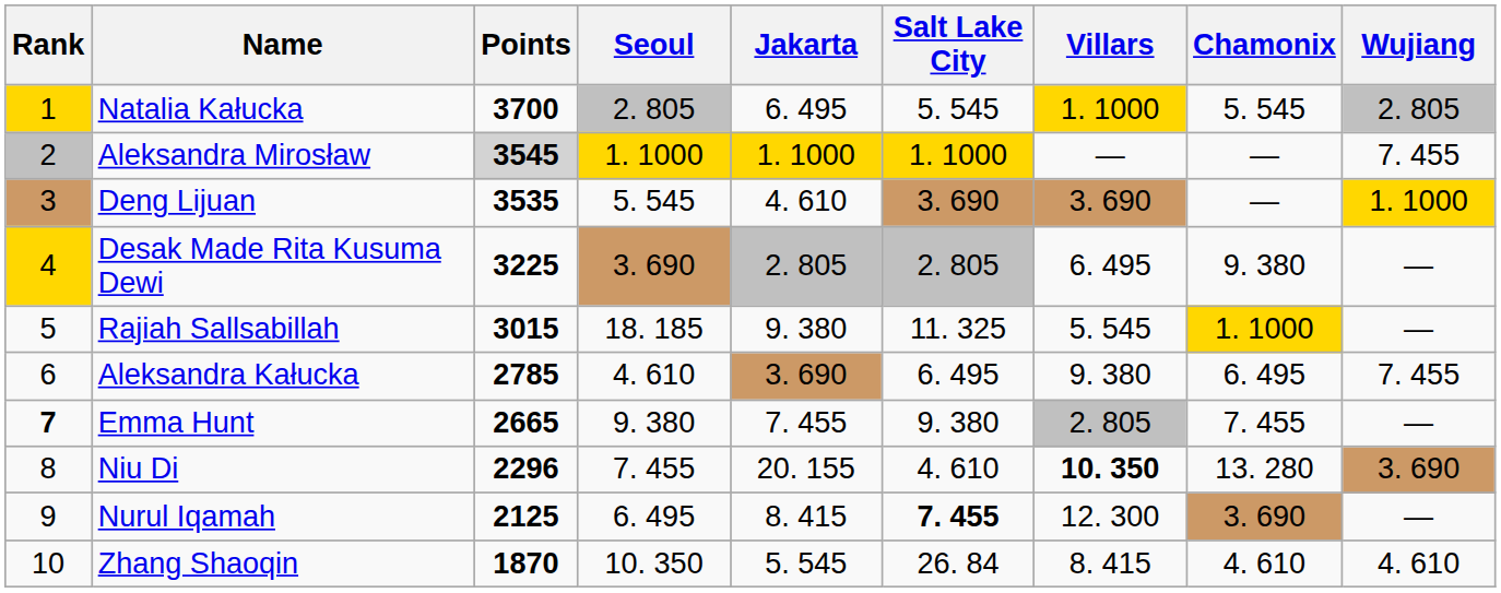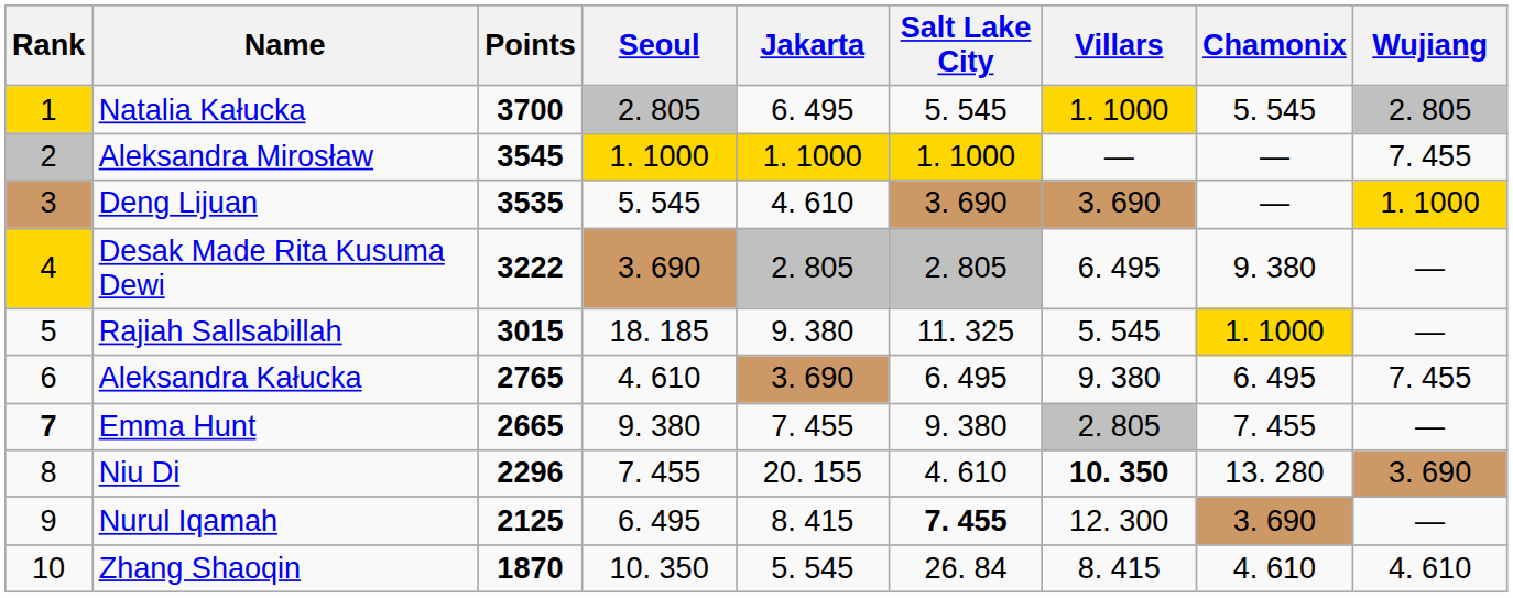 <table class="wikitable sortable">
 <tr>
 <th>Rank</th>
 <th width = "200">Name</th>
 <th>Points</th>
 <th width = "75" data-sort-type="number"><a href='#'>Seoul</a></th>
 <th width = "75" data-sort-type="number"><a href='#'>Jakarta</a></th>
 <th width = "75" data-sort-type="number"><a href='#'>Salt Lake City</a></th>
 <th width = "75" data-sort-type="number"><a href='#'>Villars</a></th>
 <th width = "75" data-sort-type="number"><a href='#'>Chamonix</a></th>
 <th width = "75" data-sort-type="number"><a href='#'>Wujiang</a></th>
 </tr>
 <tr>
 <td align="center" style="background: gold">1</td>
 <td> <a href='#'>Natalia Kałucka</a></td>
 <td align="center"><strong>3700</strong></td>
 <td align="center" style="background: silver">2. 805</td>
 <td align="center">6. 495</td>
 <td align="center">5. 545</td>
 <td align="center" style="background: gold">1. 1000</td>
 <td align="center">5. 545</td>
 <td align="center" style="background: silver">2. 805</td>
 </tr>
 <tr>
 <td align="center" style="background: silver">2</td>
 <td> <a href='#'>Aleksandra Mirosław</a></td>
-<td align="center" style="background: lightgrey;"><strong>3545</strong></td>
+<td align="center"><strong>3545</strong></td>
 <td align="center" style="background: gold">1. 1000</td>
 <td align="center" style="background: gold">1. 1000</td>
 <td align="center" style="background: gold">1. 1000</td>
 <td align="center">—</td>
 <td align="center">—</td>
 <td align="center">7. 455</td>
 </tr>
 <tr>
 <td align="center" style="background: #cc9966">3</td>
 <td> <a href='#'>Deng Lijuan</a></td>
 <td align="center"><strong>3535</strong></td>
 <td align="center">5. 545</td>
 <td align="center">4. 610</td>
 <td align="center" style="background: #cc9966">3. 690</td>
 <td align="center" style="background: #cc9966">3. 690</td>
 <td align="center">—</td>
 <td align="center" style="background: gold">1. 1000</td>
 </tr>
 <tr>
 <td align="center" style="background: gold;">4</td>
 <td> <a href='#'>Desak Made Rita Kusuma Dewi</a></td>
-<td align="center"><strong>3225</strong></td>
+<td align="center"><strong>3222</strong></td>
 <td align="center" style="background: #cc9966">3. 690</td>
 <td align="center" style="background: silver">2. 805</td>
 <td align="center" style="background: silver">2. 805</td>
 <td align="center">6. 495</td>
 <td align="center">9. 380</td>
 <td align="center">—</td>
 </tr>
 <tr>
 <td align="center">5</td>
 <td> <a href='#'>Rajiah Sallsabillah</a></td>
 <td align="center"><strong>3015</strong></td>
 <td align="center">18. 185</td>
 <td align="center">9. 380</td>
 <td align="center">11. 325</td>
 <td align="center">5. 545</td>
 <td align="center" style="background: gold">1. 1000</td>
 <td align="center">—</td>
 </tr>
 <tr>
 <td align="center">6</td>
 <td> <a href='#'>Aleksandra Kałucka</a></td>
-<td align="center"><strong>2785</strong></td>
+<td align="center"><strong>2765</strong></td>
 <td align="center">4. 610</td>
 <td align="center" style="background: #cc9966">3. 690</td>
 <td align="center">6. 495</td>
 <td align="center">9. 380</td>
 <td align="center">6. 495</td>
 <td align="center">7. 455</td>
 </tr>
 <tr>
 <td align="center"><strong>7</strong></td>
 <td> <a href='#'>Emma Hunt</a></td>
 <td align="center"><strong>2665</strong></td>
 <td align="center">9. 380</td>
 <td align="center">7. 455</td>
 <td align="center">9. 380</td>
 <td align="center" style="background: silver">2. 805</td>
 <td align="center">7. 455</td>
 <td align="center">—</td>
 </tr>
 <tr>
 <td align="center">8</td>
 <td> <a href='#'>Niu Di</a></td>
 <td align="center"><strong>2296</strong></td>
 <td align="center">7. 455</td>
 <td align="center">20. 155</td>
 <td align="center">4. 610</td>
 <td align="center"><strong>10. 350</strong></td>
 <td align="center">13. 280</td>
 <td align="center" style="background: #cc9966">3. 690</td>
 </tr>
 <tr>
 <td align="center">9</td>
 <td> <a href='#'>Nurul Iqamah</a></td>
 <td align="center"><strong>2125</strong></td>
 <td align="center">6. 495</td>
 <td align="center">8. 415</td>
 <td align="center"><strong>7. 455</strong></td>
 <td align="center">12. 300</td>
 <td align="center" style="background: #cc9966">3. 690</td>
 <td align="center">—</td>
 </tr>
 <tr>
 <td align="center">10</td>
 <td> <a href='#'>Zhang Shaoqin</a></td>
 <td align="center"><strong>1870</strong></td>
 <td align="center">10. 350</td>
 <td align="center">5. 545</td>
 <td align="center">26. 84</td>
 <td align="center">8. 415</td>
 <td align="center">4. 610</td>
 <td align="center">4. 610</td>
 </tr>
 </table>
